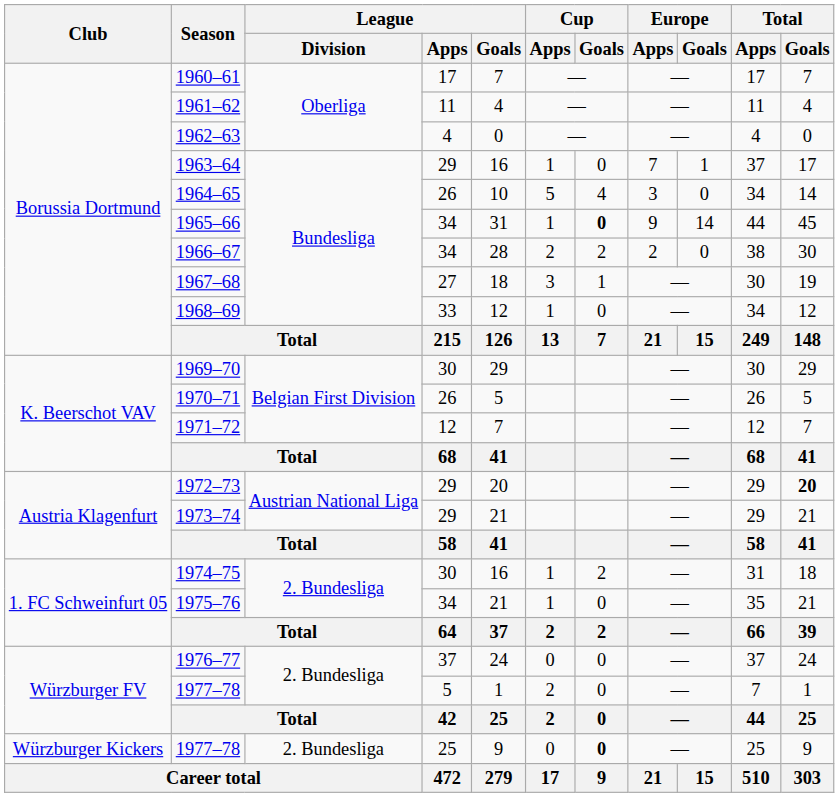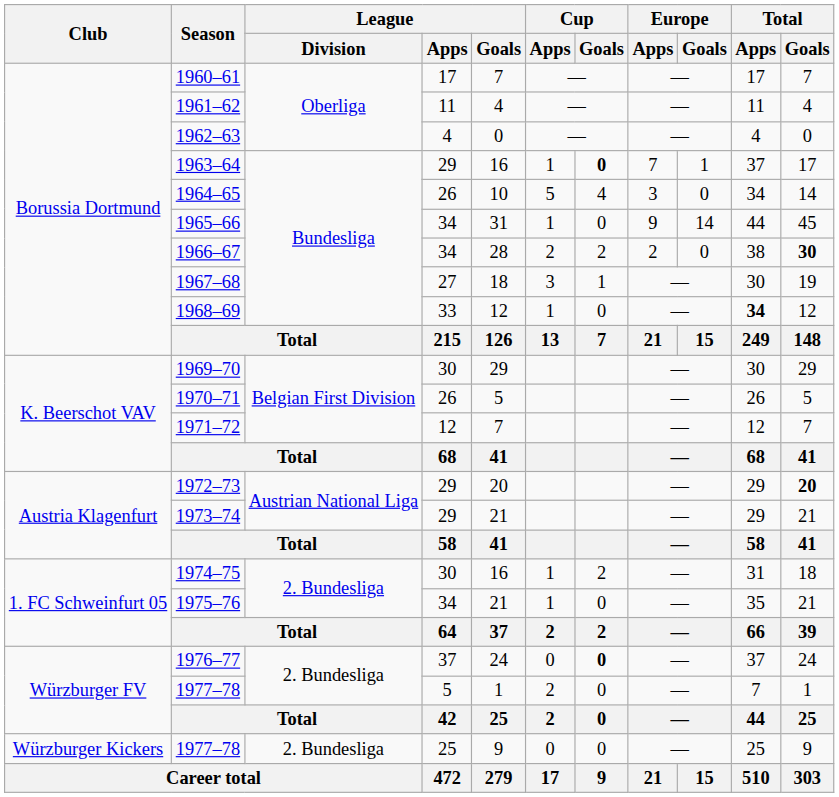 <table class=wikitable style=text-align:center>
 <tr>
 <th rowspan=2>Club</th>
 <th rowspan=2>Season</th>
 <th colspan=3>League</th>
 <th colspan=2>Cup</th>
 <th colspan=2>Europe</th>
 <th colspan=2>Total</th>
 </tr>
 <tr>
 <th>Division</th>
 <th>Apps</th>
 <th>Goals</th>
 <th>Apps</th>
 <th>Goals</th>
 <th>Apps</th>
 <th>Goals</th>
 <th>Apps</th>
 <th>Goals</th>
 </tr>
 <tr>
 <td rowspan=10><a href='#'>Borussia Dortmund</a></td>
 <td><a href='#'>1960–61</a></td>
 <td rowspan=3><a href='#'>Oberliga</a></td>
 <td>17</td>
 <td>7</td>
 <td colspan="2">—</td>
 <td colspan="2">—</td>
 <td>17</td>
 <td>7</td>
 </tr>
 <tr>
 <td><a href='#'>1961–62</a></td>
 <td>11</td>
 <td>4</td>
 <td colspan="2">—</td>
 <td colspan="2">—</td>
 <td>11</td>
 <td>4</td>
 </tr>
 <tr>
 <td><a href='#'>1962–63</a></td>
 <td>4</td>
 <td>0</td>
 <td colspan="2">—</td>
 <td colspan="2">—</td>
 <td>4</td>
 <td>0</td>
 </tr>
 <tr>
 <td><a href='#'>1963–64</a></td>
 <td rowspan=6><a href='#'>Bundesliga</a></td>
 <td>29</td>
 <td>16</td>
 <td>1</td>
-<td>0</td>
+<td><strong>0</strong></td>
 <td>7</td>
 <td>1</td>
 <td>37</td>
 <td>17</td>
 </tr>
 <tr>
 <td><a href='#'>1964–65</a></td>
 <td>26</td>
 <td>10</td>
 <td>5</td>
 <td>4</td>
 <td>3</td>
 <td>0</td>
 <td>34</td>
 <td>14</td>
 </tr>
 <tr>
 <td><a href='#'>1965–66</a></td>
 <td>34</td>
 <td>31</td>
 <td>1</td>
-<td><strong>0</strong></td>
+<td>0</td>
 <td>9</td>
 <td>14</td>
 <td>44</td>
 <td>45</td>
 </tr>
 <tr>
 <td><a href='#'>1966–67</a></td>
 <td>34</td>
 <td>28</td>
 <td>2</td>
 <td>2</td>
 <td>2</td>
 <td>0</td>
 <td>38</td>
-<td>30</td>
+<td><strong>30</strong></td>
 </tr>
 <tr>
 <td><a href='#'>1967–68</a></td>
 <td>27</td>
 <td>18</td>
 <td>3</td>
 <td>1</td>
 <td colspan="2">—</td>
 <td>30</td>
 <td>19</td>
 </tr>
 <tr>
 <td><a href='#'>1968–69</a></td>
 <td>33</td>
 <td>12</td>
 <td>1</td>
 <td>0</td>
 <td colspan="2">—</td>
-<td>34</td>
+<td><strong>34</strong></td>
 <td>12</td>
 </tr>
 <tr>
 <th colspan="2">Total</th>
 <th>215</th>
 <th>126</th>
 <th>13</th>
 <th>7</th>
 <th>21</th>
 <th>15</th>
 <th>249</th>
 <th>148</th>
 </tr>
 <tr>
 <td rowspan=4><a href='#'>K. Beerschot VAV</a></td>
 <td><a href='#'>1969–70</a></td>
 <td rowspan=3><a href='#'>Belgian First Division</a></td>
 <td>30</td>
 <td>29</td>
 <td></td>
 <td></td>
 <td colspan="2">—</td>
 <td>30</td>
 <td>29</td>
 </tr>
 <tr>
 <td><a href='#'>1970–71</a></td>
 <td>26</td>
 <td>5</td>
 <td></td>
 <td></td>
 <td colspan="2">—</td>
 <td>26</td>
 <td>5</td>
 </tr>
 <tr>
 <td><a href='#'>1971–72</a></td>
 <td>12</td>
 <td>7</td>
 <td></td>
 <td></td>
 <td colspan="2">—</td>
 <td>12</td>
 <td>7</td>
 </tr>
 <tr>
 <th colspan="2">Total</th>
 <th>68</th>
 <th>41</th>
 <th></th>
 <th></th>
 <th colspan="2">—</th>
 <th>68</th>
 <th>41</th>
 </tr>
 <tr>
 <td rowspan=3><a href='#'>Austria Klagenfurt</a></td>
 <td><a href='#'>1972–73</a></td>
 <td rowspan=2><a href='#'>Austrian National Liga</a></td>
 <td>29</td>
 <td>20</td>
 <td></td>
 <td></td>
 <td colspan="2">—</td>
 <td>29</td>
 <td><strong>20</strong></td>
 </tr>
 <tr>
 <td><a href='#'>1973–74</a></td>
 <td>29</td>
 <td>21</td>
 <td></td>
 <td></td>
 <td colspan="2">—</td>
 <td>29</td>
 <td>21</td>
 </tr>
 <tr>
 <th colspan="2">Total</th>
 <th>58</th>
 <th>41</th>
 <th></th>
 <th></th>
 <th colspan="2">—</th>
 <th>58</th>
 <th>41</th>
 </tr>
 <tr>
 <td rowspan=3><a href='#'>1. FC Schweinfurt 05</a></td>
 <td><a href='#'>1974–75</a></td>
 <td rowspan=2><a href='#'>2. Bundesliga</a></td>
 <td>30</td>
 <td>16</td>
 <td>1</td>
 <td>2</td>
 <td colspan="2">—</td>
 <td>31</td>
 <td>18</td>
 </tr>
 <tr>
 <td><a href='#'>1975–76</a></td>
 <td>34</td>
 <td>21</td>
 <td>1</td>
 <td>0</td>
 <td colspan="2">—</td>
 <td>35</td>
 <td>21</td>
 </tr>
 <tr>
 <th colspan="2">Total</th>
 <th>64</th>
 <th>37</th>
 <th>2</th>
 <th>2</th>
 <th colspan="2">—</th>
 <th>66</th>
 <th>39</th>
 </tr>
 <tr>
 <td rowspan=3><a href='#'>Würzburger FV</a></td>
 <td><a href='#'>1976–77</a></td>
 <td rowspan=2>2. Bundesliga</td>
 <td>37</td>
 <td>24</td>
 <td>0</td>
-<td>0</td>
+<td><strong>0</strong></td>
 <td colspan="2">—</td>
 <td>37</td>
 <td>24</td>
 </tr>
 <tr>
 <td><a href='#'>1977–78</a></td>
 <td>5</td>
 <td>1</td>
 <td>2</td>
 <td>0</td>
 <td colspan="2">—</td>
 <td>7</td>
 <td>1</td>
 </tr>
 <tr>
 <th colspan="2">Total</th>
 <th>42</th>
 <th>25</th>
 <th>2</th>
 <th>0</th>
 <th colspan="2">—</th>
 <th>44</th>
 <th>25</th>
 </tr>
 <tr>
 <td><a href='#'>Würzburger Kickers</a></td>
 <td><a href='#'>1977–78</a></td>
 <td>2. Bundesliga</td>
 <td>25</td>
 <td>9</td>
 <td>0</td>
-<td><strong>0</strong></td>
+<td>0</td>
 <td colspan="2">—</td>
 <td>25</td>
 <td>9</td>
 </tr>
 <tr>
 <th colspan=3>Career total</th>
 <th>472</th>
 <th>279</th>
 <th>17</th>
 <th>9</th>
 <th>21</th>
 <th>15</th>
 <th>510</th>
 <th>303</th>
 </tr>
 </table>
